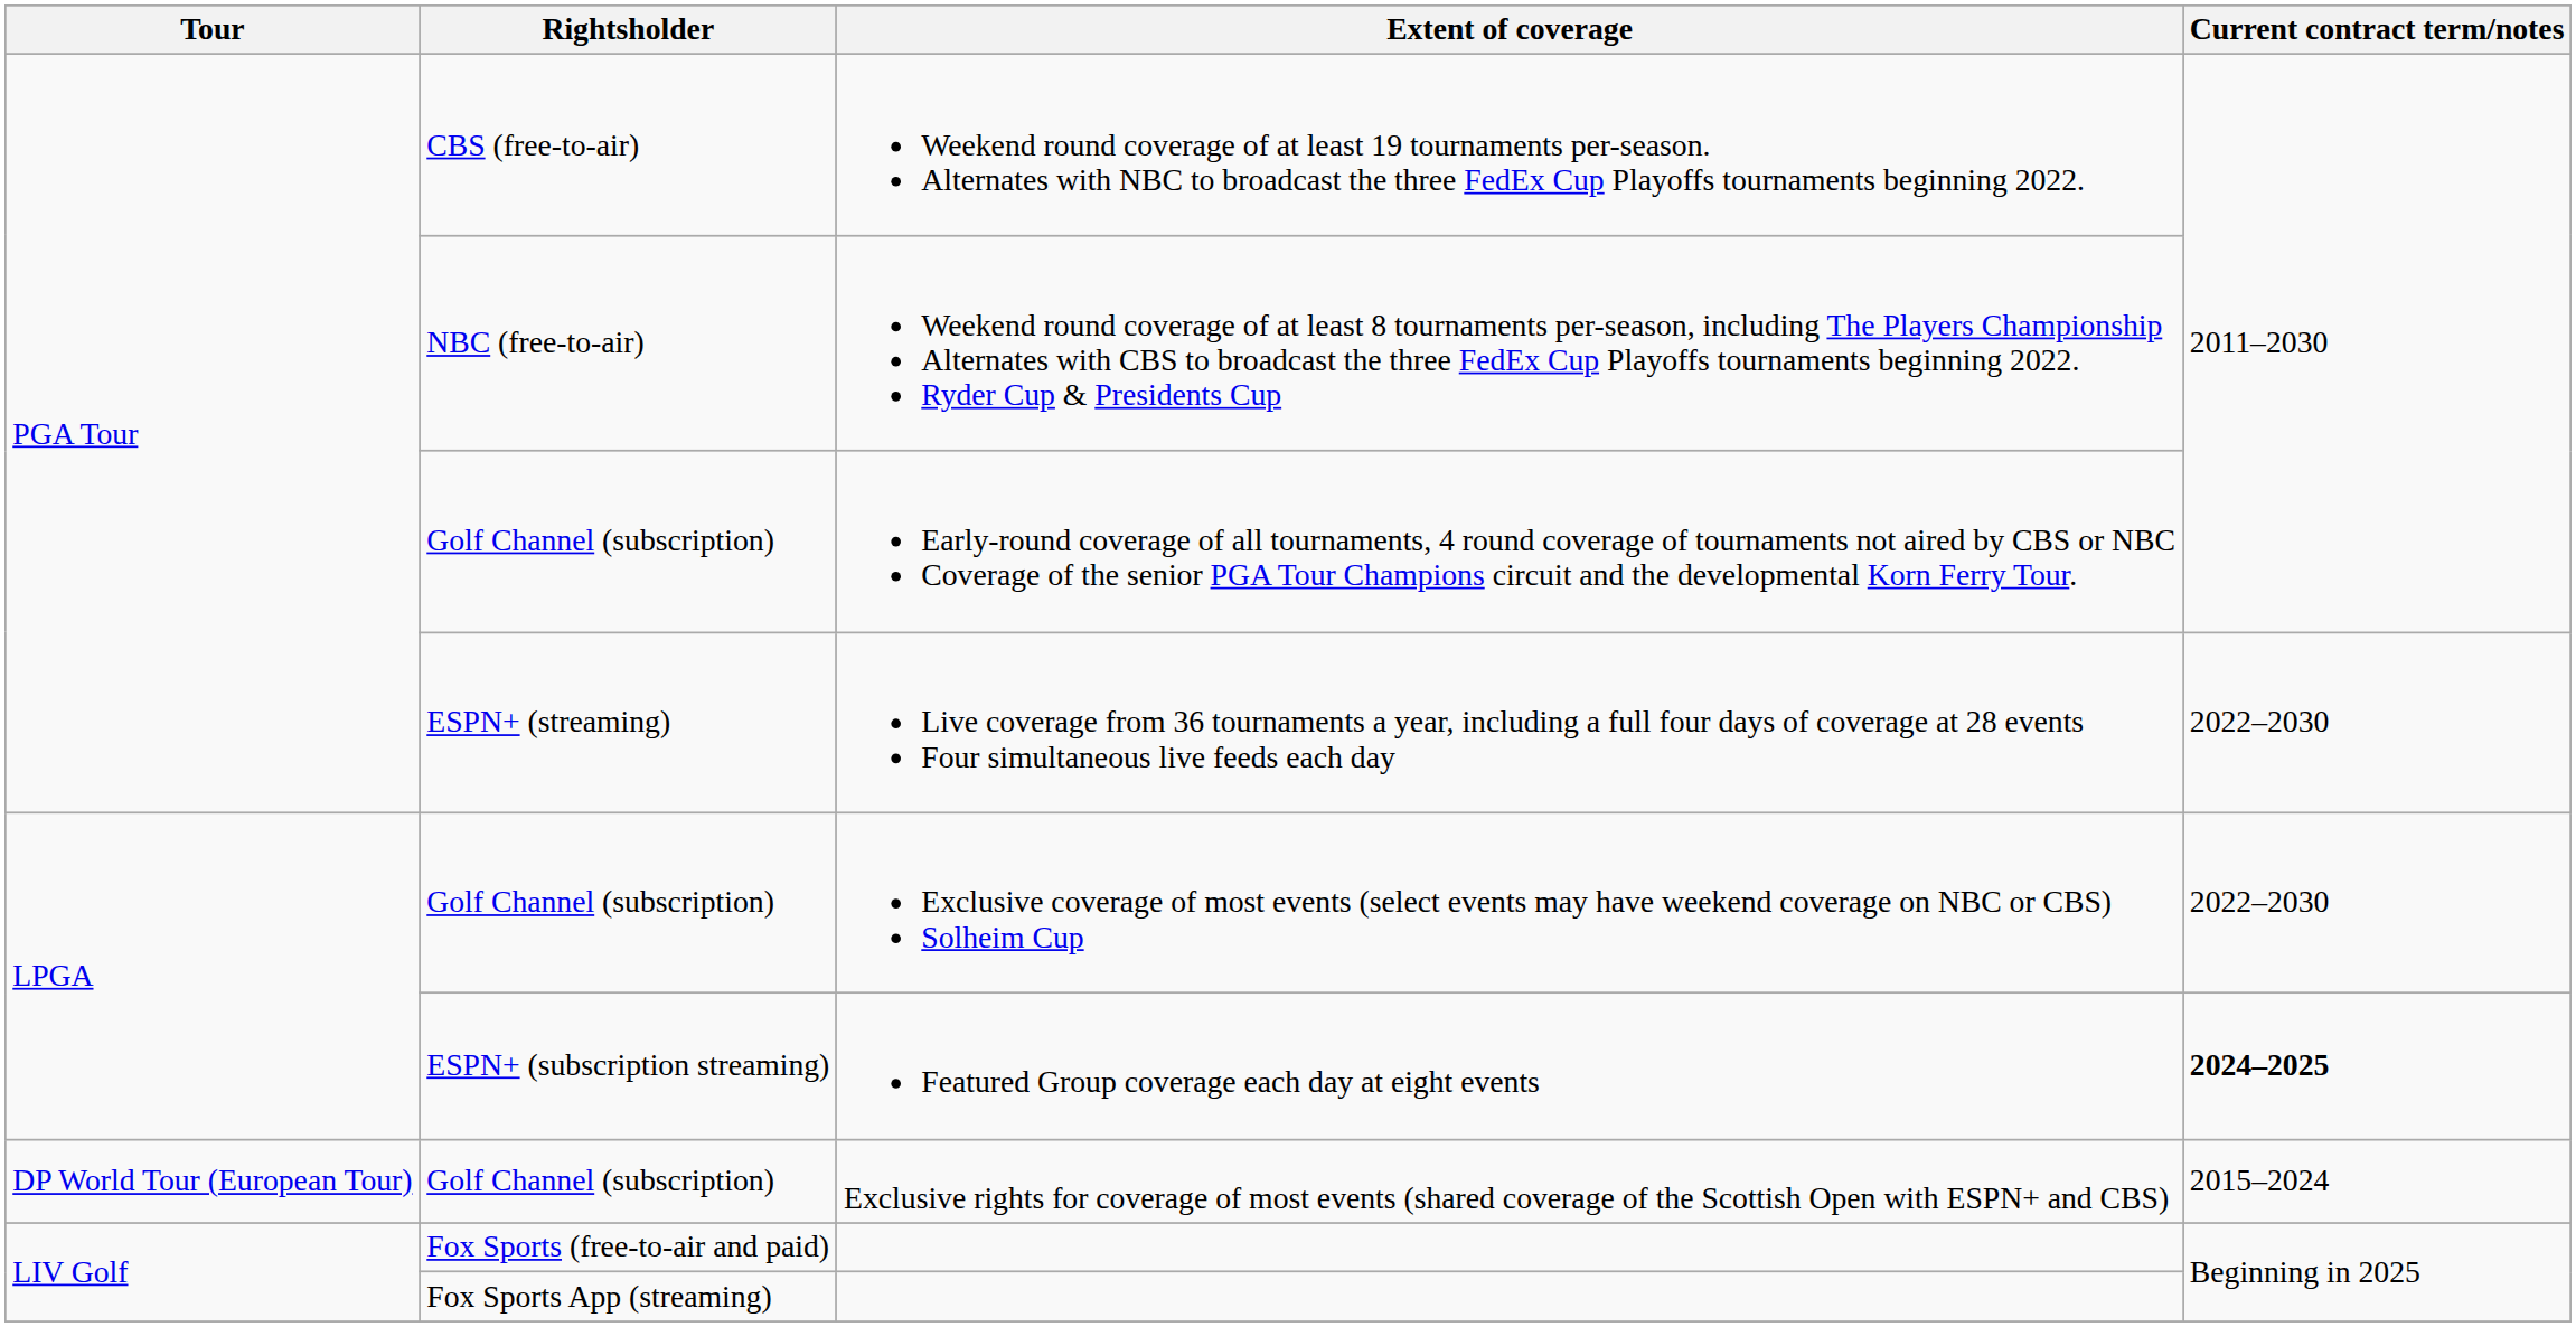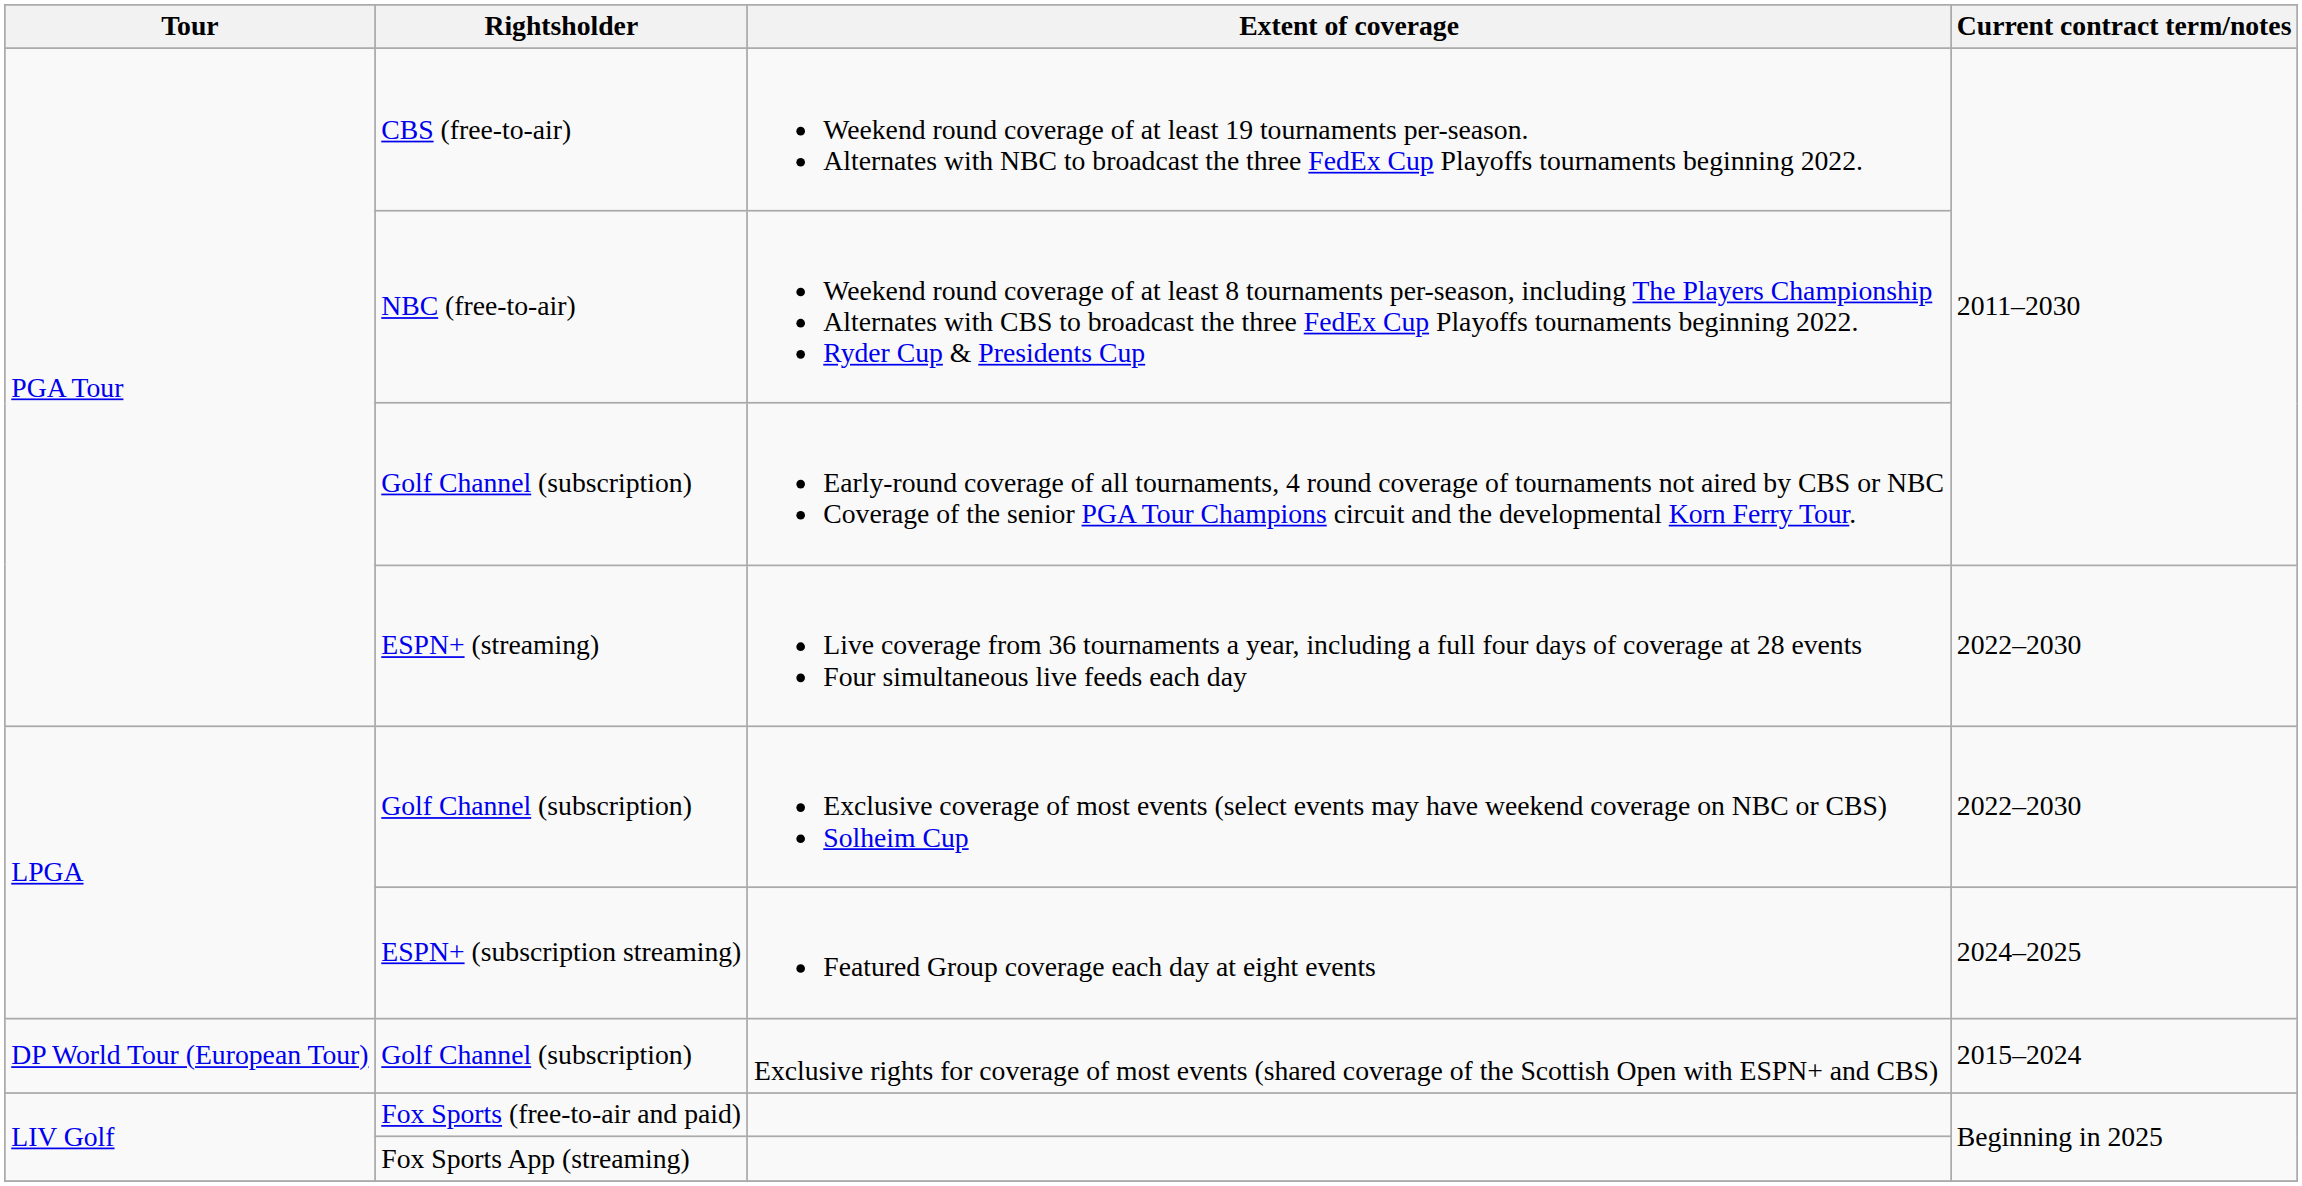 <table class="wikitable">
 <tr>
 <th>Tour</th>
 <th>Rightsholder</th>
 <th>Extent of coverage</th>
 <th>Current contract term/notes</th>
 </tr>
 <tr>
 <td rowspan="4"><a href='#'>PGA Tour</a></td>
 <td><a href='#'>CBS</a> (free-to-air)</td>
 <td><br><ul><li>Weekend round coverage of at least 19 tournaments per-season.</li><li>Alternates with NBC to broadcast the three <a href='#'>FedEx Cup</a> Playoffs tournaments beginning 2022.</li></ul></td>
 <td rowspan="3">2011–2030</td>
 </tr>
 <tr>
 <td><a href='#'>NBC</a> (free-to-air)</td>
 <td><br><ul><li>Weekend round coverage of at least 8 tournaments per-season, including <a href='#'>The Players Championship</a></li><li>Alternates with CBS to broadcast the three <a href='#'>FedEx Cup</a> Playoffs tournaments beginning 2022.</li><li><a href='#'>Ryder Cup</a> & <a href='#'>Presidents Cup</a></li></ul></td>
 </tr>
 <tr>
 <td><a href='#'>Golf Channel</a> (subscription)</td>
 <td><br><ul><li>Early-round coverage of all tournaments, 4 round coverage of tournaments not aired by CBS or NBC</li><li>Coverage of the senior <a href='#'>PGA Tour Champions</a> circuit and the developmental <a href='#'>Korn Ferry Tour</a>.</li></ul></td>
 </tr>
 <tr>
 <td><a href='#'>ESPN+</a> (streaming)</td>
 <td><br><ul><li>Live coverage from 36 tournaments a year, including a full four days of coverage at 28 events</li><li>Four simultaneous live feeds each day</li></ul></td>
 <td>2022–2030</td>
 </tr>
 <tr>
 <td rowspan=2><a href='#'>LPGA</a></td>
 <td><a href='#'>Golf Channel</a> (subscription)</td>
 <td><br><ul><li>Exclusive coverage of most events (select events may have weekend coverage on NBC or CBS)</li><li><a href='#'>Solheim Cup</a></li></ul></td>
 <td>2022–2030</td>
 </tr>
 <tr>
 <td><a href='#'>ESPN+</a> (subscription streaming)</td>
 <td><br><ul><li>Featured Group coverage each day at eight events</li></ul></td>
-<td><strong>2024–2025</strong></td>
+<td>2024–2025</td>
 </tr>
 <tr>
 <td><a href='#'>DP World Tour (European Tour)</a></td>
 <td><a href='#'>Golf Channel</a> (subscription)</td>
 <td><br>Exclusive rights for coverage of most events (shared coverage of the Scottish Open with ESPN+ and CBS)</td>
 <td>2015–2024</td>
 </tr>
 <tr>
 <td rowspan="2"><a href='#'>LIV Golf</a></td>
 <td><a href='#'>Fox Sports</a> (free-to-air and paid)</td>
 <td></td>
 <td rowspan="2">Beginning in 2025</td>
 </tr>
 <tr>
 <td>Fox Sports App (streaming)</td>
 <td></td>
 </tr>
 <tr>
 </tr>
 </table>
